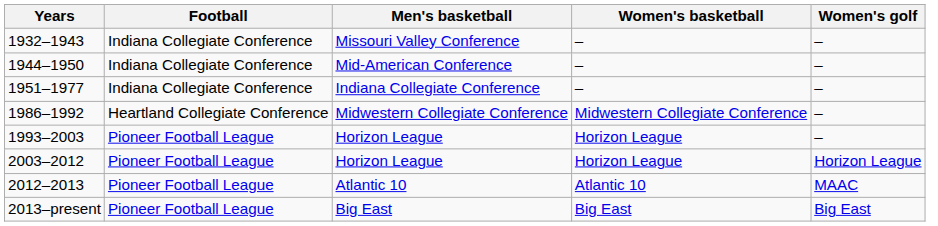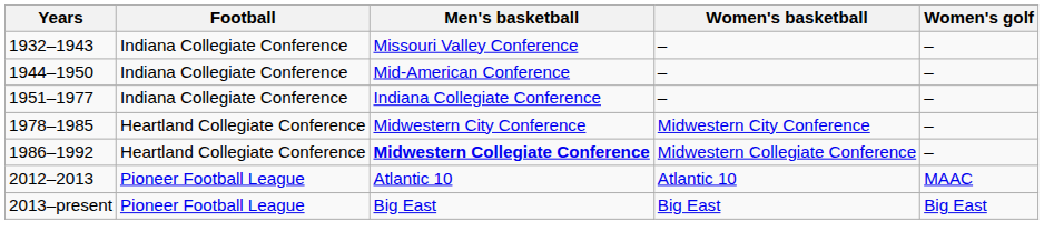 <table class="wikitable">
 <tr>
 <th width=px>Years</th>
 <th width=px>Football</th>
 <th width=px>Men's basketball</th>
 <th width=px>Women's basketball</th>
 <th width=px>Women's golf</th>
 </tr>
 <tr>
 <td>1932–1943</td>
 <td>Indiana Collegiate Conference</td>
 <td><a href='#'>Missouri Valley Conference</a></td>
 <td>–</td>
 <td>–</td>
 </tr>
 <tr>
 <td>1944–1950</td>
 <td>Indiana Collegiate Conference</td>
 <td><a href='#'>Mid-American Conference</a></td>
 <td>–</td>
 <td>–</td>
 </tr>
 <tr>
 <td>1951–1977</td>
 <td>Indiana Collegiate Conference</td>
 <td><a href='#'>Indiana Collegiate Conference</a></td>
 <td>–</td>
 <td>–</td>
 </tr>
 <tr>
-<td>1986–1992</td>
+<td>1978–1985</td>
 <td>Heartland Collegiate Conference</td>
-<td><a href='#'>Midwestern Collegiate Conference</a></td>
-<td><a href='#'>Midwestern Collegiate Conference</a></td>
+<td><a href='#'>Midwestern City Conference</a></td>
+<td><a href='#'>Midwestern City Conference</a></td>
 <td>–</td>
 </tr>
 <tr>
-<td>1993–2003</td>
-<td><a href='#'>Pioneer Football League</a></td>
-<td><a href='#'>Horizon League</a></td>
-<td><a href='#'>Horizon League</a></td>
+<td>1986–1992</td>
+<td>Heartland Collegiate Conference</td>
+<td><strong><a href='#'>Midwestern Collegiate Conference</a></strong></td>
+<td><a href='#'>Midwestern Collegiate Conference</a></td>
 <td>–</td>
-</tr>
-<tr>
-<td>2003–2012</td>
-<td><a href='#'>Pioneer Football League</a></td>
-<td><a href='#'>Horizon League</a></td>
-<td><a href='#'>Horizon League</a></td>
-<td><a href='#'>Horizon League</a></td>
 </tr>
 <tr>
 <td>2012–2013</td>
 <td><a href='#'>Pioneer Football League</a></td>
 <td><a href='#'>Atlantic 10</a></td>
 <td><a href='#'>Atlantic 10</a></td>
 <td><a href='#'>MAAC</a></td>
 </tr>
 <tr>
 <td>2013–present</td>
 <td><a href='#'>Pioneer Football League</a></td>
 <td><a href='#'>Big East</a></td>
 <td><a href='#'>Big East</a></td>
 <td><a href='#'>Big East</a></td>
 </tr>
 </table>
